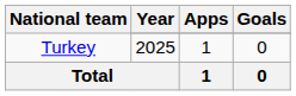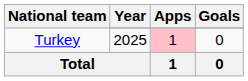 <table class="wikitable" style="text-align:center">
 <tr>
 <th>National team</th>
 <th>Year</th>
 <th>Apps</th>
 <th>Goals</th>
 </tr>
 <tr>
 <td rowspan=2><a href='#'>Turkey</a></td>
 </tr>
 <tr>
 <td>2025</td>
-<td>1</td>
+<td style="background: pink;">1</td>
 <td>0</td>
 </tr>
 <tr>
 <th colspan=2>Total</th>
 <th>1</th>
 <th>0</th>
 </tr>
 </table>
